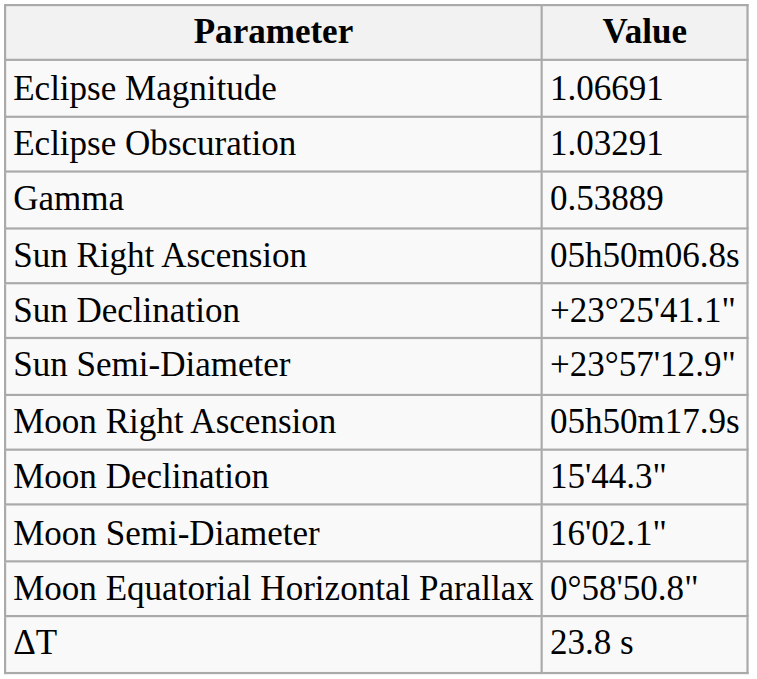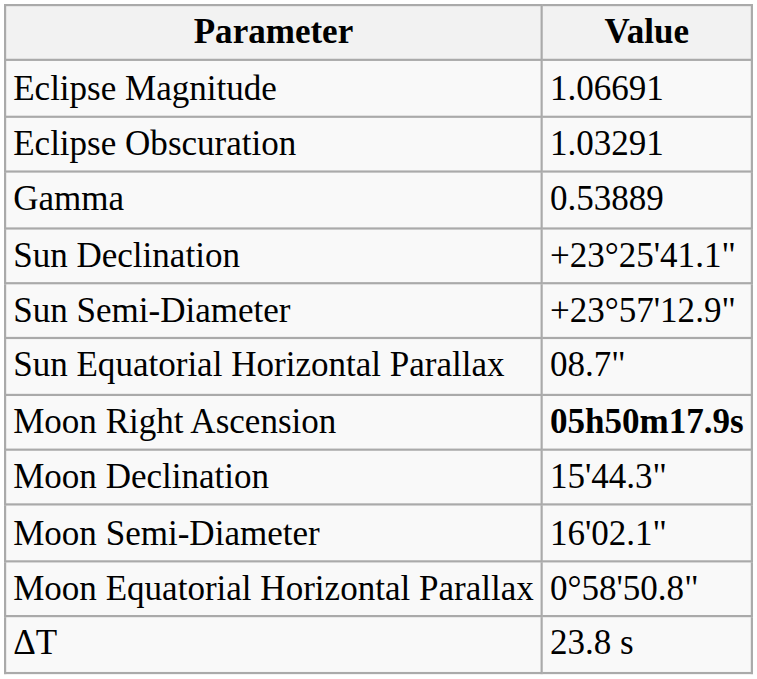 <table class="wikitable">
 <tr>
 <th>Parameter</th>
 <th>Value</th>
 </tr>
 <tr>
 <td>Eclipse Magnitude</td>
 <td>1.06691</td>
 </tr>
 <tr>
 <td>Eclipse Obscuration</td>
 <td>1.03291</td>
 </tr>
 <tr>
 <td>Gamma</td>
 <td>0.53889</td>
 </tr>
 <tr>
-<td>Sun Right Ascension</td>
-<td>05h50m06.8s</td>
-</tr>
-<tr>
 <td>Sun Declination</td>
 <td>+23°25'41.1"</td>
 </tr>
 <tr>
 <td>Sun Semi-Diameter</td>
 <td>+23°57'12.9"</td>
 </tr>
 <tr>
+<td>Sun Equatorial Horizontal Parallax</td>
+<td>08.7"</td>
+</tr>
+<tr>
 <td>Moon Right Ascension</td>
-<td>05h50m17.9s</td>
+<td><strong>05h50m17.9s</strong></td>
 </tr>
 <tr>
 <td>Moon Declination</td>
 <td>15'44.3"</td>
 </tr>
 <tr>
 <td>Moon Semi-Diameter</td>
 <td>16'02.1"</td>
 </tr>
 <tr>
 <td>Moon Equatorial Horizontal Parallax</td>
 <td>0°58'50.8"</td>
 </tr>
 <tr>
 <td>ΔT</td>
 <td>23.8 s</td>
 </tr>
 </table>
